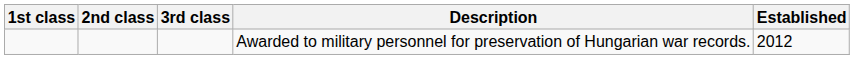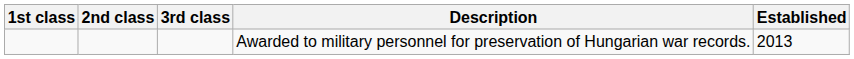 <table class="wikitable" style="font-size:85%;">
 <tr>
 <th><big>1st class</big></th>
 <th><big>2nd class</big></th>
 <th><big>3rd class</big></th>
 <th><big>Description</big></th>
 <th><big>Established</big></th>
 </tr>
 <tr>
 <td><big></big></td>
 <td><big></big></td>
 <td><big></big></td>
 <td><big>Awarded to military personnel for preservation of Hungarian war records.</big></td>
-<td><big>2012</big></td>
+<td><big>2013</big></td>
 </tr>
 </table>
